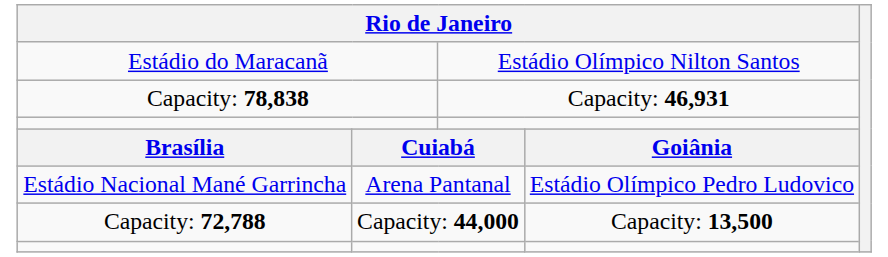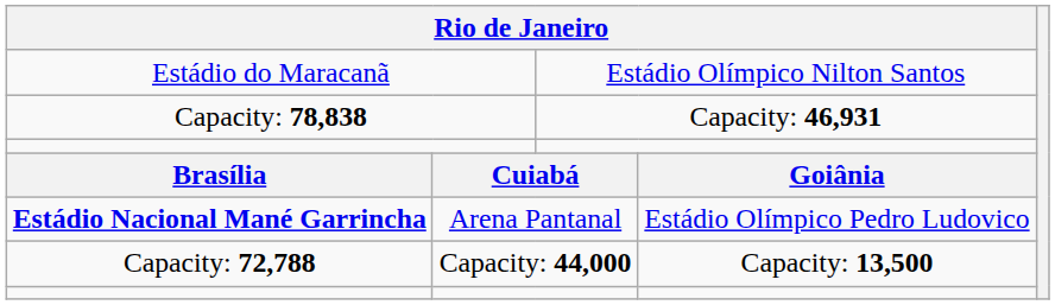 <table class="wikitable" style="margin:1em auto; text-align:center">
 <tr>
 <th colspan=4><a href='#'>Rio de Janeiro</a></th>
 <th rowspan="8"></th>
 </tr>
 <tr>
 <td colspan=2><a href='#'>Estádio do Maracanã</a></td>
 <td colspan=2><a href='#'>Estádio Olímpico Nilton Santos</a></td>
 </tr>
 <tr>
 <td colspan=2>Capacity: <strong>78,838</strong></td>
 <td colspan=2>Capacity: <strong>46,931</strong></td>
 </tr>
 <tr>
 <td colspan=2></td>
 <td colspan=2></td>
 </tr>
 <tr>
 <th><a href='#'>Brasília</a></th>
 <th colspan=2><a href='#'>Cuiabá</a></th>
 <th><a href='#'>Goiânia</a></th>
 </tr>
 <tr>
-<td><a href='#'>Estádio Nacional Mané Garrincha</a></td>
+<td><strong><a href='#'>Estádio Nacional Mané Garrincha</a></strong></td>
 <td colspan=2><a href='#'>Arena Pantanal</a></td>
 <td><a href='#'>Estádio Olímpico Pedro Ludovico</a></td>
 </tr>
 <tr>
 <td>Capacity: <strong>72,788</strong></td>
 <td colspan=2>Capacity: <strong>44,000</strong></td>
 <td>Capacity: <strong>13,500</strong></td>
 </tr>
 <tr>
 <td></td>
 <td colspan=2></td>
 <td></td>
 </tr>
 </table>
